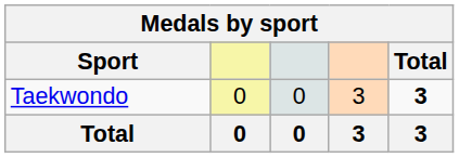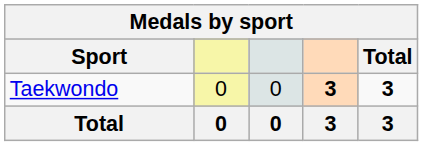 <table class="wikitable" style="font-size:90%; text-align:center;">
 <tr>
 <th colspan=5>Medals by sport</th>
 </tr>
 <tr>
 <th width=120>Sport</th>
 <th scope="col" width=30 style="background:#F7F6A8;"></th>
 <th scope="col" width=30 style="background:#DCE5E5;"></th>
 <th scope="col" width=30 style="background:#FFDAB9;"></th>
 <th width=30>Total</th>
 </tr>
 <tr>
 <td align=left><a href='#'>Taekwondo</a></td>
 <td style="background:#F7F6A8;">0</td>
 <td style="background:#DCE5E5;">0</td>
-<td style="background:#FFDAB9;">3</td>
+<td style="background:#FFDAB9;"><strong>3</strong></td>
 <td><strong>3</strong></td>
 </tr>
 <tr class="sortbottom">
 <th>Total</th>
 <th>0</th>
 <th>0</th>
 <th>3</th>
 <th>3</th>
 </tr>
 </table>
